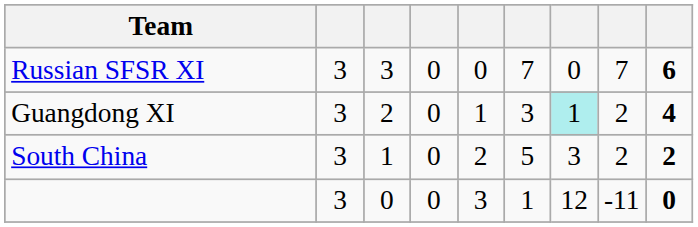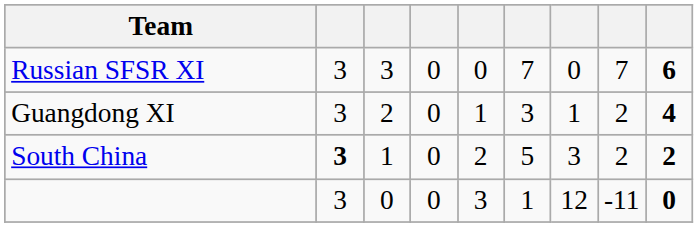 <table class=wikitable style="text-align:center">
 <tr>
 <th width="175">Team</th>
 <th width="20"></th>
 <th width="20"></th>
 <th width="20"></th>
 <th width="20"></th>
 <th width="20"></th>
 <th width="20"></th>
 <th width="20"></th>
 <th width="20"></th>
 </tr>
 <tr>
 <td align=left> <a href='#'>Russian SFSR XI</a></td>
 <td>3</td>
 <td>3</td>
 <td>0</td>
 <td>0</td>
 <td>7</td>
 <td>0</td>
 <td>7</td>
 <td><strong>6</strong></td>
 </tr>
 <tr>
 <td align=left> Guangdong XI</td>
 <td>3</td>
 <td>2</td>
 <td>0</td>
 <td>1</td>
 <td>3</td>
-<td style="background: paleturquoise;">1</td>
+<td>1</td>
 <td>2</td>
 <td><strong>4</strong></td>
 </tr>
 <tr>
 <td align=left> <a href='#'>South China</a></td>
-<td>3</td>
+<td><strong>3</strong></td>
 <td>1</td>
 <td>0</td>
 <td>2</td>
 <td>5</td>
 <td>3</td>
 <td>2</td>
 <td><strong>2</strong></td>
 </tr>
 <tr>
 <td align=left></td>
 <td>3</td>
 <td>0</td>
 <td>0</td>
 <td>3</td>
 <td>1</td>
 <td>12</td>
 <td>-11</td>
 <td><strong>0</strong></td>
 </tr>
 </table>
